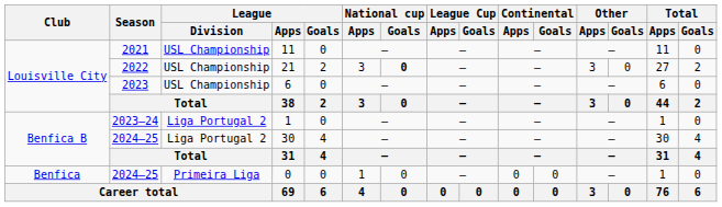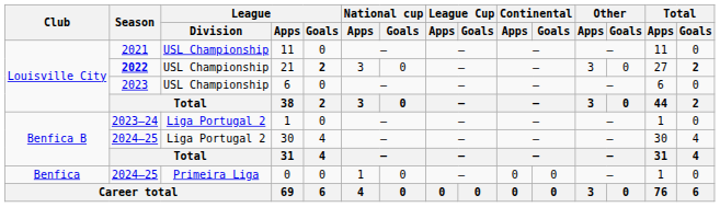 <table class=wikitable style=text-align:center>
 <tr>
 <th rowspan=2>Club</th>
 <th rowspan=2>Season</th>
 <th colspan=3>League</th>
 <th colspan=2>National cup</th>
 <th colspan=2>League Cup</th>
 <th colspan=2>Continental</th>
 <th colspan=2>Other</th>
 <th colspan=2>Total</th>
 </tr>
 <tr>
 <th>Division</th>
 <th>Apps</th>
 <th>Goals</th>
 <th>Apps</th>
 <th>Goals</th>
 <th>Apps</th>
 <th>Goals</th>
 <th>Apps</th>
 <th>Goals</th>
 <th>Apps</th>
 <th>Goals</th>
 <th>Apps</th>
 <th>Goals</th>
 </tr>
 <tr>
 <td rowspan="4"><a href='#'>Louisville City</a></td>
 <td><a href='#'>2021</a></td>
 <td><a href='#'>USL Championship</a></td>
 <td>11</td>
 <td>0</td>
 <td colspan=2>—</td>
 <td colspan=2>—</td>
 <td colspan=2>—</td>
 <td colspan=2>—</td>
 <td>11</td>
 <td>0</td>
 </tr>
 <tr>
-<td><a href='#'>2022</a></td>
+<td><strong><a href='#'>2022</a></strong></td>
 <td>USL Championship</td>
 <td>21</td>
-<td>2</td>
+<td><strong>2</strong></td>
 <td>3</td>
-<td><strong>0</strong></td>
+<td>0</td>
 <td colspan=2>—</td>
 <td colspan=2>—</td>
 <td>3</td>
 <td>0</td>
 <td>27</td>
-<td>2</td>
+<td><strong>2</strong></td>
 </tr>
 <tr>
 <td><a href='#'>2023</a></td>
 <td>USL Championship</td>
 <td>6</td>
 <td>0</td>
 <td colspan=2>—</td>
 <td colspan=2>—</td>
 <td colspan=2>—</td>
 <td colspan=2>—</td>
 <td>6</td>
 <td>0</td>
 </tr>
 <tr>
 <th colspan="2">Total</th>
 <th>38</th>
 <th>2</th>
 <th>3</th>
 <th>0</th>
 <th colspan=2>—</th>
 <th colspan="2">—</th>
 <th>3</th>
 <th>0</th>
 <th>44</th>
 <th>2</th>
 </tr>
 <tr>
 <td rowspan="3"><a href='#'>Benfica B</a></td>
 <td><a href='#'>2023–24</a></td>
 <td><a href='#'>Liga Portugal 2</a></td>
 <td>1</td>
 <td>0</td>
 <td colspan=2>—</td>
 <td colspan=2>—</td>
 <td colspan=2>—</td>
 <td colspan=2>—</td>
 <td>1</td>
 <td>0</td>
 </tr>
 <tr>
 <td><a href='#'>2024–25</a></td>
 <td>Liga Portugal 2</td>
 <td>30</td>
 <td>4</td>
 <td colspan=2>—</td>
 <td colspan=2>—</td>
 <td colspan=2>—</td>
 <td colspan=2>—</td>
 <td>30</td>
 <td>4</td>
 </tr>
 <tr>
 <th colspan="2">Total</th>
 <th>31</th>
 <th>4</th>
 <th colspan=2>—</th>
 <th colspan=2>—</th>
 <th colspan=2>—</th>
 <th colspan=2>—</th>
 <th>31</th>
 <th>4</th>
 </tr>
 <tr>
 <td><a href='#'>Benfica</a></td>
 <td><a href='#'>2024–25</a></td>
 <td><a href='#'>Primeira Liga</a></td>
 <td>0</td>
 <td>0</td>
 <td>1</td>
 <td>0</td>
 <td colspan=2>—</td>
 <td>0</td>
 <td>0</td>
 <td colspan=2>—</td>
 <td>1</td>
 <td>0</td>
 </tr>
 <tr>
 <th colspan="3">Career total</th>
 <th>69</th>
 <th>6</th>
 <th>4</th>
 <th>0</th>
 <th>0</th>
 <th>0</th>
 <th>0</th>
 <th>0</th>
 <th>3</th>
 <th>0</th>
 <th>76</th>
 <th>6</th>
 </tr>
 </table>
